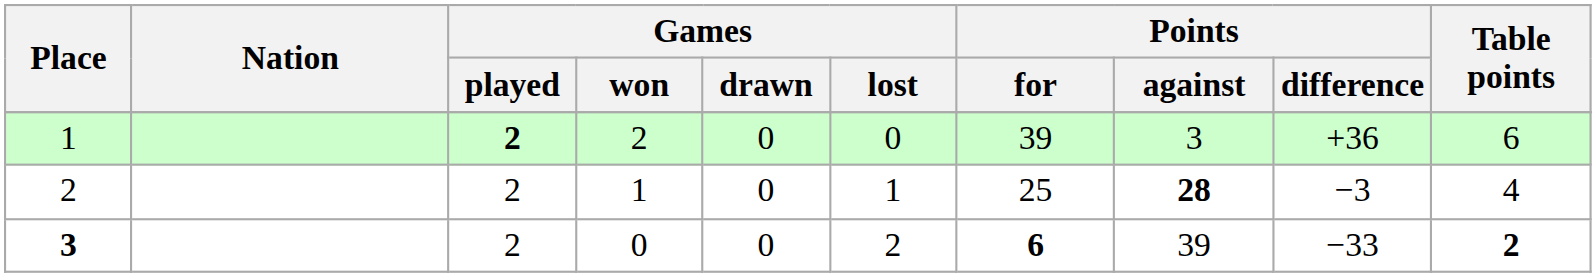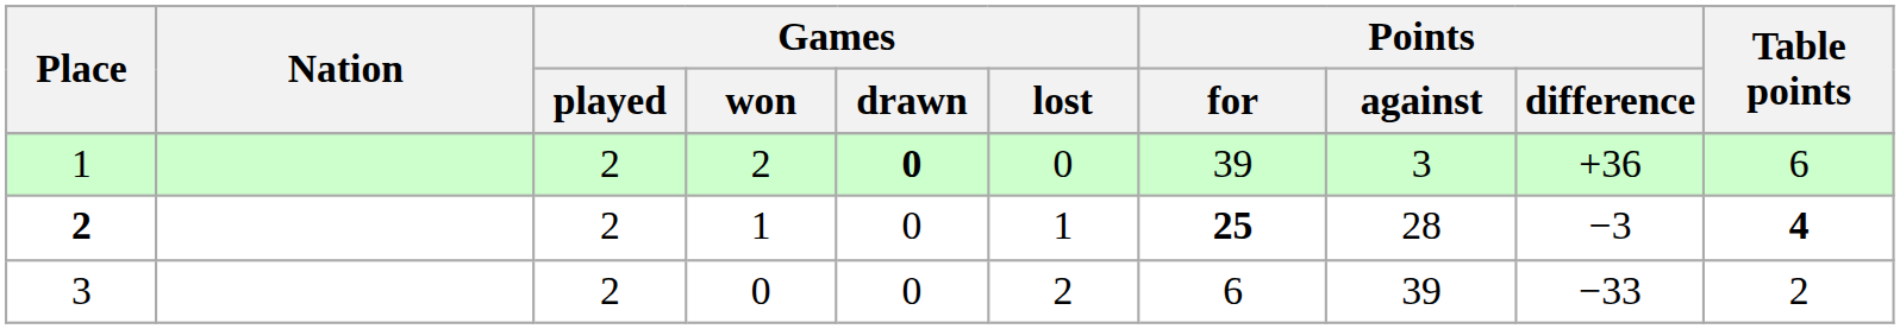 <table class="wikitable">
 <tr>
 <th rowspan=2 width="8%">Place</th>
 <th rowspan=2 width="20%">Nation</th>
 <th colspan=4 width="32%">Games</th>
 <th colspan=3 width="30%">Points</th>
 <th rowspan=2 width="10%">Table<br>points</th>
 </tr>
 <tr>
 <th width="8%">played</th>
 <th width="8%">won</th>
 <th width="8%">drawn</th>
 <th width="8%">lost</th>
 <th width="10%">for</th>
 <th width="10%">against</th>
 <th width="10%">difference</th>
 </tr>
 <tr>
 </tr>
 <tr bgcolor=#ccffcc align=center>
 <td>1</td>
 <td align=left></td>
-<td><strong>2</strong></td>
 <td>2</td>
-<td>0</td>
+<td>2</td>
+<td><strong>0</strong></td>
 <td>0</td>
 <td>39</td>
 <td>3</td>
 <td>+36</td>
 <td>6</td>
 </tr>
 <tr bgcolor=#ffffff align=center>
-<td>2</td>
+<td><strong>2</strong></td>
 <td align=left></td>
 <td>2</td>
 <td>1</td>
 <td>0</td>
 <td>1</td>
-<td>25</td>
-<td><strong>28</strong></td>
+<td><strong>25</strong></td>
+<td>28</td>
 <td>−3</td>
-<td>4</td>
+<td><strong>4</strong></td>
 </tr>
 <tr bgcolor=#ffffff align=center>
-<td><strong>3</strong></td>
+<td>3</td>
 <td align=left></td>
 <td>2</td>
 <td>0</td>
 <td>0</td>
 <td>2</td>
-<td><strong>6</strong></td>
+<td>6</td>
 <td>39</td>
 <td>−33</td>
-<td><strong>2</strong></td>
+<td>2</td>
 </tr>
 </table>
